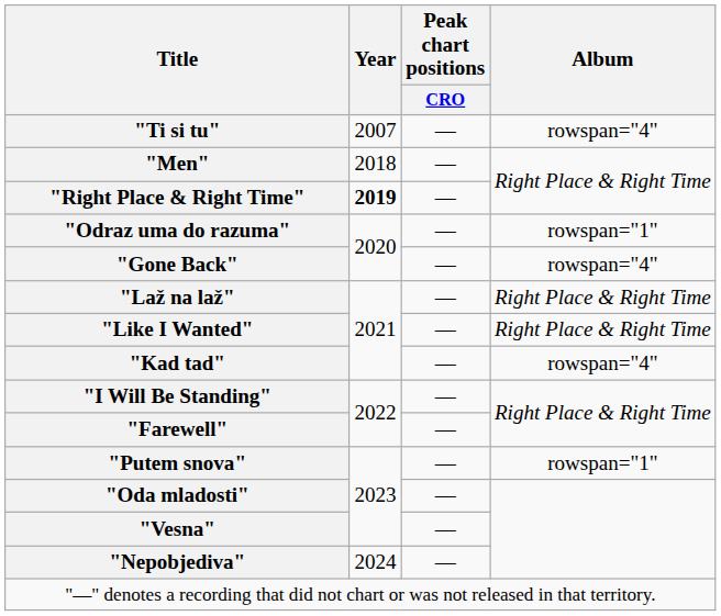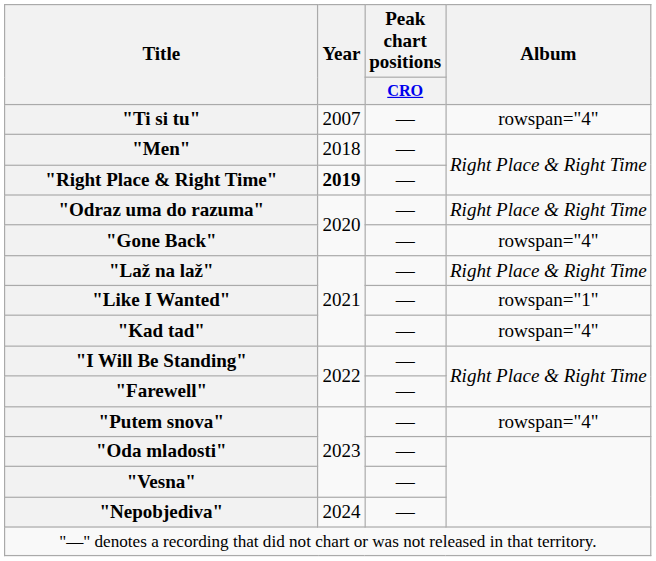 <table class="wikitable plainrowheaders" style="text-align:center;">
 <tr>
 <th scope="col" rowspan="2" style="width:16em;">Title</th>
 <th scope="col" rowspan="2" style="width:1em;">Year</th>
 <th scope="col" colspan="1">Peak chart positions</th>
 <th scope="col" rowspan="2">Album</th>
 </tr>
 <tr>
 <th scope="col" style="width:3em;font-size:85%;"><a href='#'>CRO</a><br></th>
 </tr>
 <tr>
 <th scope="row">"Ti si tu"</th>
 <td>2007</td>
 <td>—</td>
 <td>rowspan="4" </td>
 </tr>
 <tr>
 <th scope="row">"Men"</th>
 <td>2018</td>
 <td>—</td>
 <td rowspan="2"><em>Right Place & Right Time</em></td>
 </tr>
 <tr>
 <th scope="row">"Right Place & Right Time"</th>
 <td><strong>2019</strong></td>
 <td>—</td>
 </tr>
 <tr>
 <th scope="row">"Odraz uma do razuma"</th>
 <td rowspan="2">2020</td>
 <td>—</td>
-<td>rowspan="1" </td>
+<td><em>Right Place & Right Time</em></td>
 </tr>
 <tr>
 <th scope="row">"Gone Back"</th>
 <td>—</td>
 <td>rowspan="4" </td>
 </tr>
 <tr>
 <th scope="row">"Laž na laž"</th>
 <td rowspan="3">2021</td>
 <td>—</td>
 <td><em>Right Place & Right Time</em></td>
 </tr>
 <tr>
 <th scope="row">"Like I Wanted"</th>
 <td>—</td>
-<td><em>Right Place & Right Time</em></td>
+<td>rowspan="1" </td>
 </tr>
 <tr>
 <th scope="row">"Kad tad"</th>
 <td>—</td>
 <td>rowspan="4" </td>
 </tr>
 <tr>
 <th scope="row">"I Will Be Standing"</th>
 <td rowspan="2">2022</td>
 <td>—</td>
 <td rowspan="2"><em>Right Place & Right Time</em></td>
 </tr>
 <tr>
 <th scope="row">"Farewell"</th>
 <td>—</td>
 </tr>
 <tr>
 <th scope="row">"Putem snova"</th>
 <td rowspan="3">2023</td>
 <td>—</td>
-<td>rowspan="1" </td>
+<td>rowspan="4" </td>
 </tr>
 <tr>
 <th scope="row">"Oda mladosti"</th>
 <td>—</td>
 </tr>
 <tr>
 <th scope="row">"Vesna"</th>
 <td>—</td>
 </tr>
 <tr>
 <th scope="row">"Nepobjediva"</th>
 <td>2024</td>
 <td>—</td>
 </tr>
 <tr>
 <td colspan="15" style="font-size:90%;">"—" denotes a recording that did not chart or was not released in that territory.</td>
 </tr>
 </table>
